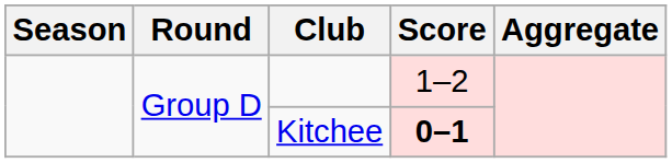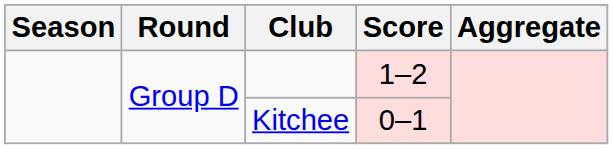 <table class="wikitable">
 <tr>
 <th>Season</th>
 <th>Round</th>
 <th>Club</th>
 <th>Score</th>
 <th>Aggregate</th>
 </tr>
 <tr>
 <td rowspan=5></td>
 <td rowspan=3><a href='#'>Group D</a> </td>
 <td></td>
 <td bgcolor=#fdd style="text-align:center;">1–2</td>
 <td rowspan="2" style="background:#fdd;" align="center"><strong></strong></td>
 </tr>
 <tr>
 <td> <a href='#'>Kitchee</a></td>
-<td bgcolor=#fdd style="text-align:center;"><strong>0–1</strong></td>
+<td bgcolor=#fdd style="text-align:center;">0–1</td>
 </tr>
 </table>
